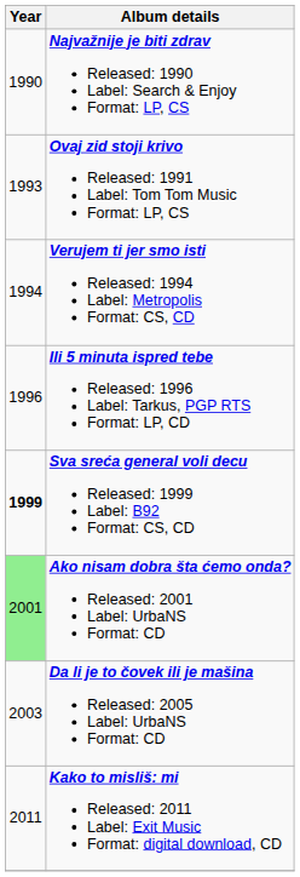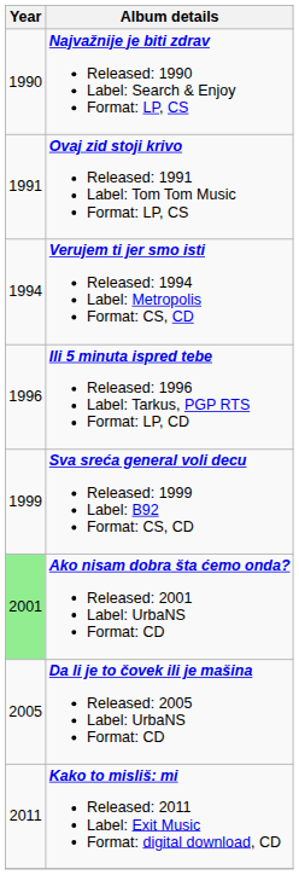 <table class ="wikitable">
 <tr>
 <th>Year</th>
 <th>Album details</th>
 </tr>
 <tr>
 <td align="center" rowspan="1">1990</td>
 <td><strong><em><a href='#'>Najvažnije je biti zdrav</a></em></strong><br><ul><li>Released: 1990</li><li>Label: Search & Enjoy</li><li>Format: <a href='#'>LP</a>, <a href='#'>CS</a></li></ul></td>
 </tr>
 <tr>
-<td align="center" rowspan="1">1993</td>
+<td align="center" rowspan="1">1991</td>
 <td><strong><em><a href='#'>Ovaj zid stoji krivo</a></em></strong><br><ul><li>Released: 1991</li><li>Label: Tom Tom Music</li><li>Format: LP, CS</li></ul></td>
 </tr>
 <tr>
 <td align="center" rowspan="1">1994</td>
 <td><strong><em><a href='#'>Verujem ti jer smo isti</a></em></strong><br><ul><li>Released: 1994</li><li>Label: <a href='#'>Metropolis</a></li><li>Format: CS, <a href='#'>CD</a></li></ul></td>
 </tr>
 <tr>
 <td align="center" rowspan="1">1996</td>
 <td><strong><em><a href='#'>Ili 5 minuta ispred tebe</a></em></strong><br><ul><li>Released: 1996</li><li>Label: Tarkus, <a href='#'>PGP RTS</a></li><li>Format: LP, CD</li></ul></td>
 </tr>
 <tr>
-<td align="center" rowspan="1"><strong>1999</strong></td>
+<td align="center" rowspan="1">1999</td>
 <td><strong><em><a href='#'>Sva sreća general voli decu</a></em></strong><br><ul><li>Released: 1999</li><li>Label: <a href='#'>B92</a></li><li>Format: CS, CD</li></ul></td>
 </tr>
 <tr>
 <td align="center" rowspan="1" style="background: lightgreen;">2001</td>
 <td><strong><em><a href='#'>Ako nisam dobra šta ćemo onda?</a></em></strong><br><ul><li>Released: 2001</li><li>Label: UrbaNS</li><li>Format: CD</li></ul></td>
 </tr>
 <tr>
-<td align="center" rowspan="1">2003</td>
+<td align="center" rowspan="1">2005</td>
 <td><strong><em><a href='#'>Da li je to čovek ili je mašina</a></em></strong><br><ul><li>Released: 2005</li><li>Label: UrbaNS</li><li>Format: CD</li></ul></td>
 </tr>
 <tr>
 <td align="center" rowspan="1">2011</td>
 <td><strong><em><a href='#'>Kako to misliš: mi</a></em></strong><br><ul><li>Released: 2011</li><li>Label: <a href='#'>Exit Music</a></li><li>Format: <a href='#'>digital download</a>, CD</li></ul></td>
 </tr>
 <tr>
 </tr>
 </table>
